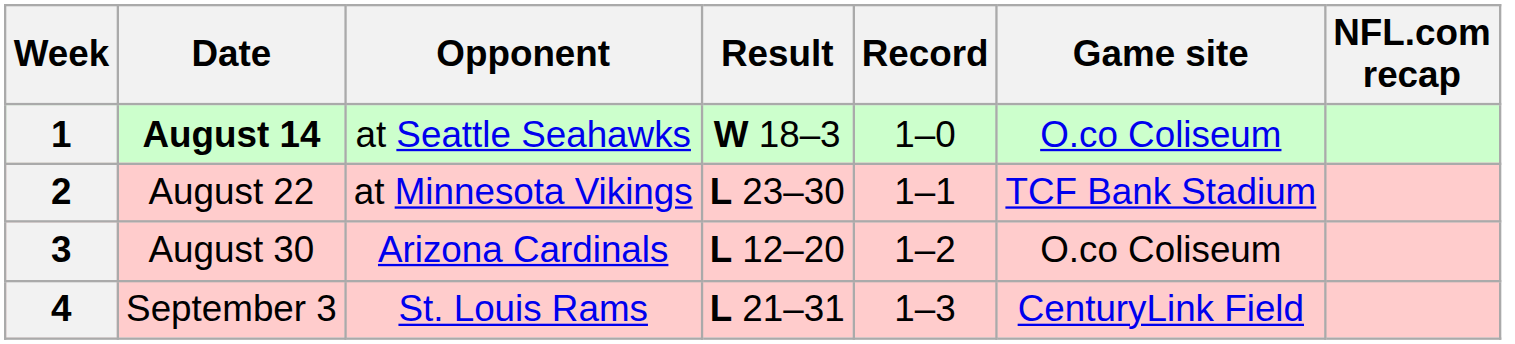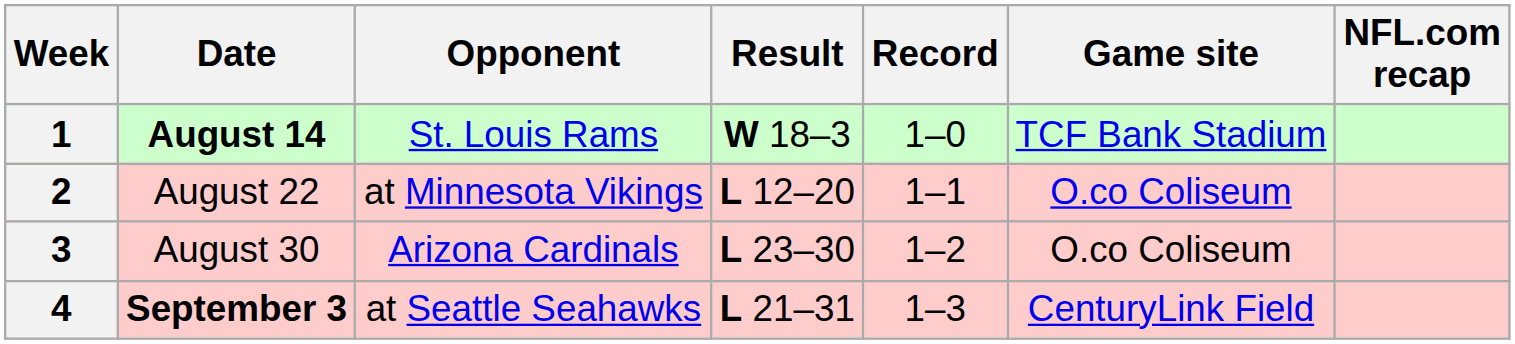 <table class="wikitable" style="text-align:center">
 <tr>
 <th +>Week</th>
 <th +>Date</th>
 <th +>Opponent</th>
 <th +>Result</th>
 <th +>Record</th>
 <th +>Game site</th>
 <th +>NFL.com<br>recap</th>
 </tr>
 <tr style="background:#cfc">
 <th>1</th>
 <td><strong>August 14</strong></td>
-<td>at <a href='#'>Seattle Seahawks</a></td>
+<td><a href='#'>St. Louis Rams</a></td>
 <td><strong>W</strong> 18–3</td>
 <td>1–0</td>
-<td><a href='#'>O.co Coliseum</a></td>
+<td><a href='#'>TCF Bank Stadium</a></td>
 <td></td>
 </tr>
 <tr style="background:#fcc">
 <th>2</th>
 <td>August 22</td>
 <td>at <a href='#'>Minnesota Vikings</a></td>
-<td><strong>L</strong> 23–30</td>
+<td><strong>L</strong> 12–20</td>
 <td>1–1</td>
-<td><a href='#'>TCF Bank Stadium</a></td>
+<td><a href='#'>O.co Coliseum</a></td>
 <td></td>
 </tr>
 <tr style="background:#fcc">
 <th>3</th>
 <td>August 30</td>
 <td><a href='#'>Arizona Cardinals</a></td>
-<td><strong>L</strong> 12–20</td>
+<td><strong>L</strong> 23–30</td>
 <td>1–2</td>
 <td>O.co Coliseum</td>
 <td></td>
 </tr>
 <tr style="background:#fcc">
 <th>4</th>
-<td>September 3</td>
-<td><a href='#'>St. Louis Rams</a></td>
+<td><strong>September 3</strong></td>
+<td>at <a href='#'>Seattle Seahawks</a></td>
 <td><strong>L</strong> 21–31</td>
 <td>1–3</td>
 <td><a href='#'>CenturyLink Field</a></td>
 <td></td>
 </tr>
 </table>
